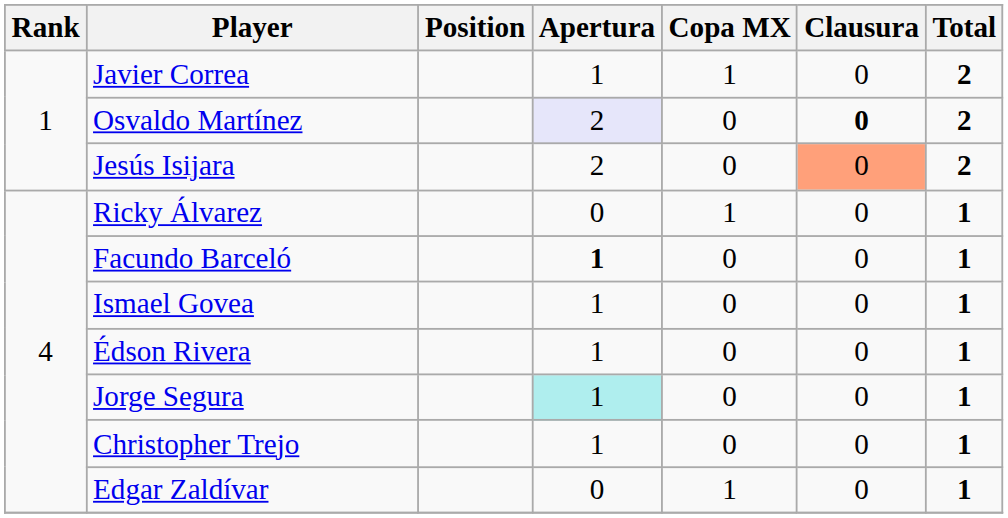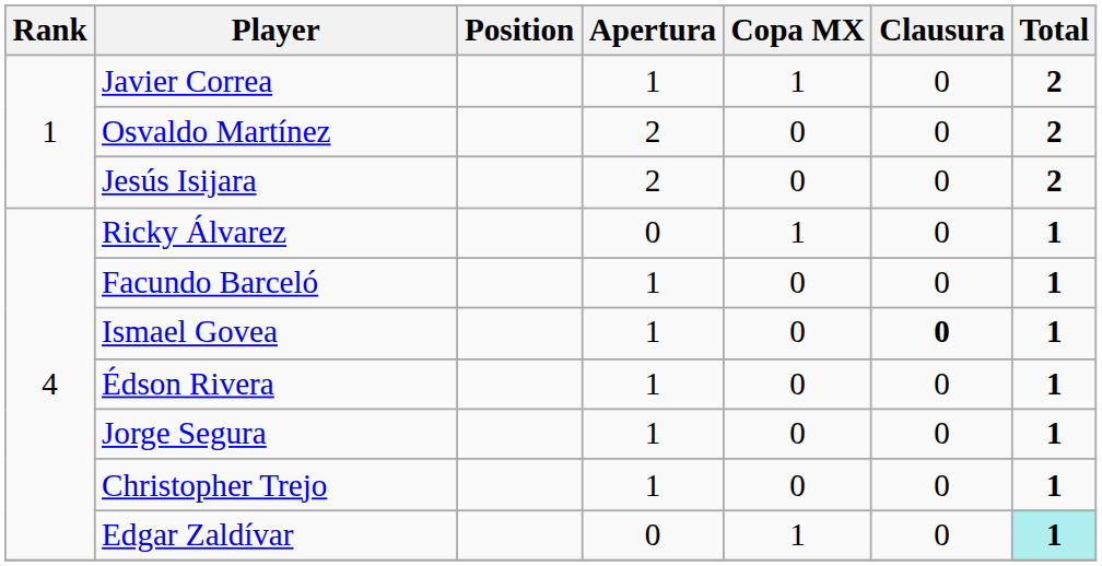 <table class="wikitable">
 <tr>
 <th>Rank</th>
 <th style="width:175px;">Player</th>
 <th>Position</th>
 <th>Apertura</th>
 <th>Copa MX</th>
 <th>Clausura</th>
 <th>Total</th>
 </tr>
 <tr>
 <td align=center rowspan=3>1</td>
 <td> <a href='#'>Javier Correa</a></td>
 <td align=center></td>
 <td align=center>1</td>
 <td align=center>1</td>
 <td align=center>0</td>
 <td align=center><strong>2</strong></td>
 </tr>
 <tr>
 <td> <a href='#'>Osvaldo Martínez</a></td>
 <td align=center></td>
-<td align=center style="background: lavender;">2</td>
+<td align=center>2</td>
 <td align=center>0</td>
-<td align=center><strong>0</strong></td>
+<td align=center>0</td>
 <td align=center><strong>2</strong></td>
 </tr>
 <tr>
 <td> <a href='#'>Jesús Isijara</a></td>
 <td align=center></td>
 <td align=center>2</td>
 <td align=center>0</td>
-<td align=center style="background: lightsalmon;">0</td>
+<td align=center>0</td>
 <td align=center><strong>2</strong></td>
 </tr>
 <tr>
 <td align=center rowspan=7>4</td>
 <td> <a href='#'>Ricky Álvarez</a></td>
 <td align=center></td>
 <td align=center>0</td>
 <td align=center>1</td>
 <td align=center>0</td>
 <td align=center><strong>1</strong></td>
 </tr>
 <tr>
 <td> <a href='#'>Facundo Barceló</a></td>
 <td align=center></td>
-<td align=center><strong>1</strong></td>
+<td align=center>1</td>
 <td align=center>0</td>
 <td align=center>0</td>
 <td align=center><strong>1</strong></td>
 </tr>
 <tr>
 <td> <a href='#'>Ismael Govea</a></td>
 <td align=center></td>
 <td align=center>1</td>
 <td align=center>0</td>
-<td align=center>0</td>
+<td align=center><strong>0</strong></td>
 <td align=center><strong>1</strong></td>
 </tr>
 <tr>
 <td> <a href='#'>Édson Rivera</a></td>
 <td align=center></td>
 <td align=center>1</td>
 <td align=center>0</td>
 <td align=center>0</td>
 <td align=center><strong>1</strong></td>
 </tr>
 <tr>
 <td> <a href='#'>Jorge Segura</a></td>
 <td align=center></td>
-<td align=center style="background: paleturquoise;">1</td>
+<td align=center>1</td>
 <td align=center>0</td>
 <td align=center>0</td>
 <td align=center><strong>1</strong></td>
 </tr>
 <tr>
 <td> <a href='#'>Christopher Trejo</a></td>
 <td align=center></td>
 <td align=center>1</td>
 <td align=center>0</td>
 <td align=center>0</td>
 <td align=center><strong>1</strong></td>
 </tr>
 <tr>
 <td> <a href='#'>Edgar Zaldívar</a></td>
 <td align=center></td>
 <td align=center>0</td>
 <td align=center>1</td>
 <td align=center>0</td>
-<td align=center><strong>1</strong></td>
+<td align=center style="background: paleturquoise;"><strong>1</strong></td>
 </tr>
 <tr>
 </tr>
 </table>
